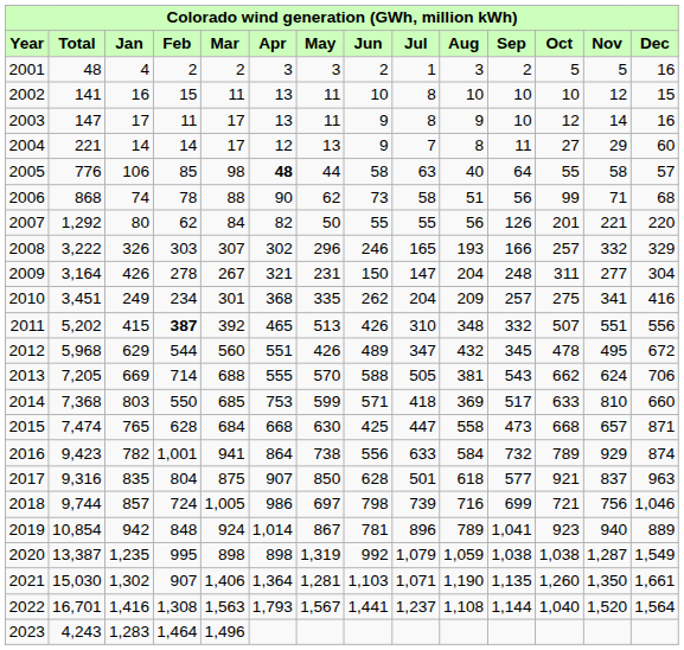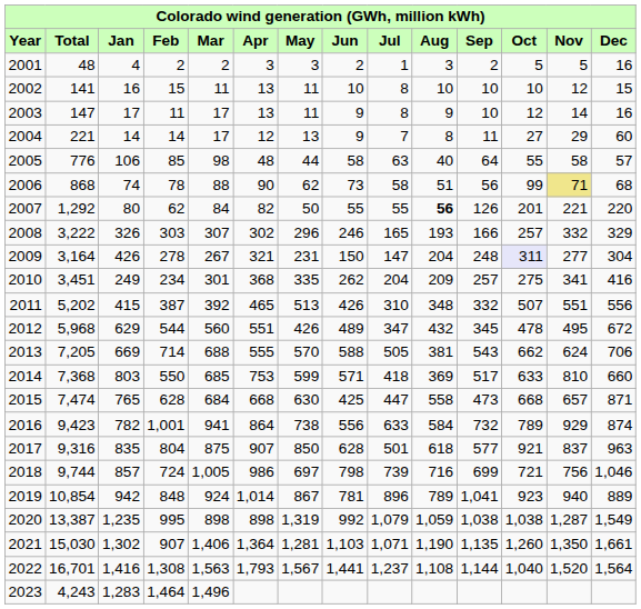 <table class="wikitable" style="text-align:right;">
 <tr>
 <th colspan="14" style="background:#cfb;">Colorado wind generation (GWh, million kWh)</th>
 </tr>
 <tr>
 <th style="background:#cfb;">Year</th>
 <th style="background:#cfb;">Total</th>
 <th style="background:#cfb;">Jan</th>
 <th style="background:#cfb;">Feb</th>
 <th style="background:#cfb;">Mar</th>
 <th style="background:#cfb;">Apr</th>
 <th style="background:#cfb;">May</th>
 <th style="background:#cfb;">Jun</th>
 <th style="background:#cfb;">Jul</th>
 <th style="background:#cfb;">Aug</th>
 <th style="background:#cfb;">Sep</th>
 <th style="background:#cfb;">Oct</th>
 <th style="background:#cfb;">Nov</th>
 <th style="background:#cfb;">Dec</th>
 </tr>
 <tr align=right>
 <td>2001</td>
 <td>48</td>
 <td>4</td>
 <td>2</td>
 <td>2</td>
 <td>3</td>
 <td>3</td>
 <td>2</td>
 <td>1</td>
 <td>3</td>
 <td>2</td>
 <td>5</td>
 <td>5</td>
 <td>16</td>
 </tr>
 <tr align=right>
 <td>2002</td>
 <td>141</td>
 <td>16</td>
 <td>15</td>
 <td>11</td>
 <td>13</td>
 <td>11</td>
 <td>10</td>
 <td>8</td>
 <td>10</td>
 <td>10</td>
 <td>10</td>
 <td>12</td>
 <td>15</td>
 </tr>
 <tr align=right>
 <td>2003</td>
 <td>147</td>
 <td>17</td>
 <td>11</td>
 <td>17</td>
 <td>13</td>
 <td>11</td>
 <td>9</td>
 <td>8</td>
 <td>9</td>
 <td>10</td>
 <td>12</td>
 <td>14</td>
 <td>16</td>
 </tr>
 <tr align=right>
 <td>2004</td>
 <td>221</td>
 <td>14</td>
 <td>14</td>
 <td>17</td>
 <td>12</td>
 <td>13</td>
 <td>9</td>
 <td>7</td>
 <td>8</td>
 <td>11</td>
 <td>27</td>
 <td>29</td>
 <td>60</td>
 </tr>
 <tr align=right>
 <td>2005</td>
 <td>776</td>
 <td>106</td>
 <td>85</td>
 <td>98</td>
-<td><strong>48</strong></td>
+<td>48</td>
 <td>44</td>
 <td>58</td>
 <td>63</td>
 <td>40</td>
 <td>64</td>
 <td>55</td>
 <td>58</td>
 <td>57</td>
 </tr>
 <tr align=right>
 <td>2006</td>
 <td>868</td>
 <td>74</td>
 <td>78</td>
 <td>88</td>
 <td>90</td>
 <td>62</td>
 <td>73</td>
 <td>58</td>
 <td>51</td>
 <td>56</td>
 <td>99</td>
-<td>71</td>
+<td style="background: khaki;">71</td>
 <td>68</td>
 </tr>
 <tr align=right>
 <td>2007</td>
 <td>1,292</td>
 <td>80</td>
 <td>62</td>
 <td>84</td>
 <td>82</td>
 <td>50</td>
 <td>55</td>
 <td>55</td>
-<td>56</td>
+<td><strong>56</strong></td>
 <td>126</td>
 <td>201</td>
 <td>221</td>
 <td>220</td>
 </tr>
 <tr align=right>
 <td>2008</td>
 <td>3,222</td>
 <td>326</td>
 <td>303</td>
 <td>307</td>
 <td>302</td>
 <td>296</td>
 <td>246</td>
 <td>165</td>
 <td>193</td>
 <td>166</td>
 <td>257</td>
 <td>332</td>
 <td>329</td>
 </tr>
 <tr align=right>
 <td>2009</td>
 <td>3,164</td>
 <td>426</td>
 <td>278</td>
 <td>267</td>
 <td>321</td>
 <td>231</td>
 <td>150</td>
 <td>147</td>
 <td>204</td>
 <td>248</td>
-<td>311</td>
+<td style="background: lavender;">311</td>
 <td>277</td>
 <td>304</td>
 </tr>
 <tr align=right>
 <td>2010</td>
 <td>3,451</td>
 <td>249</td>
 <td>234</td>
 <td>301</td>
 <td>368</td>
 <td>335</td>
 <td>262</td>
 <td>204</td>
 <td>209</td>
 <td>257</td>
 <td>275</td>
 <td>341</td>
 <td>416</td>
 </tr>
 <tr align=right>
 <td>2011</td>
 <td>5,202</td>
 <td>415</td>
-<td><strong>387</strong></td>
+<td>387</td>
 <td>392</td>
 <td>465</td>
 <td>513</td>
 <td>426</td>
 <td>310</td>
 <td>348</td>
 <td>332</td>
 <td>507</td>
 <td>551</td>
 <td>556</td>
 </tr>
 <tr align=right>
 <td>2012</td>
 <td>5,968</td>
 <td>629</td>
 <td>544</td>
 <td>560</td>
 <td>551</td>
 <td>426</td>
 <td>489</td>
 <td>347</td>
 <td>432</td>
 <td>345</td>
 <td>478</td>
 <td>495</td>
 <td>672</td>
 </tr>
 <tr align=right>
 <td>2013</td>
 <td>7,205</td>
 <td>669</td>
 <td>714</td>
 <td>688</td>
 <td>555</td>
 <td>570</td>
 <td>588</td>
 <td>505</td>
 <td>381</td>
 <td>543</td>
 <td>662</td>
 <td>624</td>
 <td>706</td>
 </tr>
 <tr align=right>
 <td>2014</td>
 <td>7,368</td>
 <td>803</td>
 <td>550</td>
 <td>685</td>
 <td>753</td>
 <td>599</td>
 <td>571</td>
 <td>418</td>
 <td>369</td>
 <td>517</td>
 <td>633</td>
 <td>810</td>
 <td>660</td>
 </tr>
 <tr align=right>
 <td>2015</td>
 <td>7,474</td>
 <td>765</td>
 <td>628</td>
 <td>684</td>
 <td>668</td>
 <td>630</td>
 <td>425</td>
 <td>447</td>
 <td>558</td>
 <td>473</td>
 <td>668</td>
 <td>657</td>
 <td>871</td>
 </tr>
 <tr align=right>
 <td>2016</td>
 <td>9,423</td>
 <td>782</td>
 <td>1,001</td>
 <td>941</td>
 <td>864</td>
 <td>738</td>
 <td>556</td>
 <td>633</td>
 <td>584</td>
 <td>732</td>
 <td>789</td>
 <td>929</td>
 <td>874</td>
 </tr>
 <tr align=right>
 <td>2017</td>
 <td>9,316</td>
 <td>835</td>
 <td>804</td>
 <td>875</td>
 <td>907</td>
 <td>850</td>
 <td>628</td>
 <td>501</td>
 <td>618</td>
 <td>577</td>
 <td>921</td>
 <td>837</td>
 <td>963</td>
 </tr>
 <tr align=right>
 <td>2018</td>
 <td>9,744</td>
 <td>857</td>
 <td>724</td>
 <td>1,005</td>
 <td>986</td>
 <td>697</td>
 <td>798</td>
 <td>739</td>
 <td>716</td>
 <td>699</td>
 <td>721</td>
 <td>756</td>
 <td>1,046</td>
 </tr>
 <tr align=right>
 <td>2019</td>
 <td>10,854</td>
 <td>942</td>
 <td>848</td>
 <td>924</td>
 <td>1,014</td>
 <td>867</td>
 <td>781</td>
 <td>896</td>
 <td>789</td>
 <td>1,041</td>
 <td>923</td>
 <td>940</td>
 <td>889</td>
 </tr>
 <tr align=right>
 <td>2020</td>
 <td>13,387</td>
 <td>1,235</td>
 <td>995</td>
 <td>898</td>
 <td>898</td>
 <td>1,319</td>
 <td>992</td>
 <td>1,079</td>
 <td>1,059</td>
 <td>1,038</td>
 <td>1,038</td>
 <td>1,287</td>
 <td>1,549</td>
 </tr>
 <tr align=right>
 <td>2021</td>
 <td>15,030</td>
 <td>1,302</td>
 <td>907</td>
 <td>1,406</td>
 <td>1,364</td>
 <td>1,281</td>
 <td>1,103</td>
 <td>1,071</td>
 <td>1,190</td>
 <td>1,135</td>
 <td>1,260</td>
 <td>1,350</td>
 <td>1,661</td>
 </tr>
 <tr align=right>
 <td>2022</td>
 <td>16,701</td>
 <td>1,416</td>
 <td>1,308</td>
 <td>1,563</td>
 <td>1,793</td>
 <td>1,567</td>
 <td>1,441</td>
 <td>1,237</td>
 <td>1,108</td>
 <td>1,144</td>
 <td>1,040</td>
 <td>1,520</td>
 <td>1,564</td>
 </tr>
 <tr align=right>
 <td>2023</td>
 <td>4,243</td>
 <td>1,283</td>
 <td>1,464</td>
 <td>1,496</td>
 <td></td>
 <td></td>
 <td></td>
 <td></td>
 <td></td>
 <td></td>
 <td></td>
 <td></td>
 <td></td>
 </tr>
 </table>
